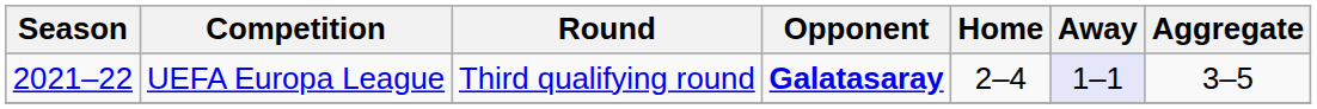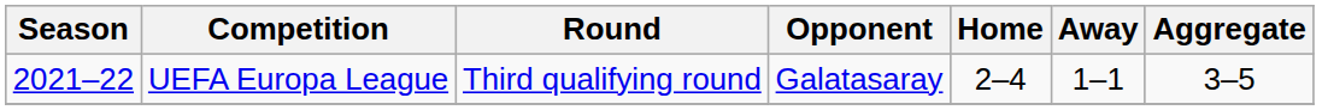 <table class="wikitable">
 <tr>
 <th>Season</th>
 <th>Competition</th>
 <th>Round</th>
 <th>Opponent</th>
 <th>Home</th>
 <th>Away</th>
 <th>Aggregate</th>
 </tr>
 <tr>
 <td><a href='#'>2021–22</a></td>
 <td><a href='#'>UEFA Europa League</a></td>
 <td><a href='#'>Third qualifying round</a></td>
-<td><strong> <a href='#'>Galatasaray</a></strong></td>
+<td> <a href='#'>Galatasaray</a></td>
 <td align="center">2–4</td>
-<td align="center" style="background: lavender;">1–1</td>
+<td align="center">1–1</td>
 <td align="center">3–5</td>
 </tr>
 <tr>
 </tr>
 </table>
